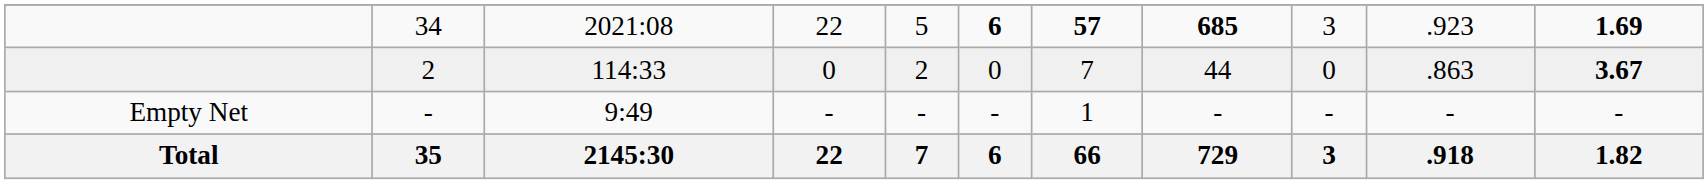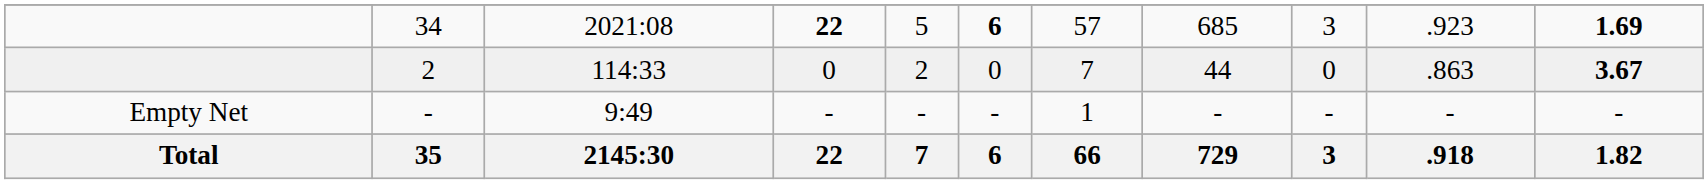 <table class="wikitable sortable" width ="1000">
 <tr align="center">
 </tr>
 <tr align="center" bgcolor="">
 <td></td>
 <td>34</td>
 <td>2021:08</td>
-<td>22</td>
+<td><strong>22</strong></td>
 <td>5</td>
 <td><strong>6</strong></td>
-<td><strong>57</strong></td>
-<td><strong>685</strong></td>
+<td>57</td>
+<td>685</td>
 <td>3</td>
 <td>.923</td>
 <td><strong>1.69</strong></td>
 </tr>
 <tr align="center" bgcolor="f0f0f0">
 <td></td>
 <td>2</td>
 <td>114:33</td>
 <td>0</td>
 <td>2</td>
 <td>0</td>
 <td>7</td>
 <td>44</td>
 <td>0</td>
 <td>.863</td>
 <td><strong>3.67</strong></td>
 </tr>
 <tr align="center" bgcolor="">
 <td>Empty Net</td>
 <td>-</td>
 <td>9:49</td>
 <td>-</td>
 <td>-</td>
 <td>-</td>
 <td>1</td>
 <td>-</td>
 <td>-</td>
 <td>-</td>
 <td>-</td>
 </tr>
 <tr>
 <th>Total</th>
 <th>35</th>
 <th>2145:30</th>
 <th>22</th>
 <th>7</th>
 <th>6</th>
 <th>66</th>
 <th>729</th>
 <th>3</th>
 <th>.918</th>
 <th>1.82</th>
 </tr>
 </table>
